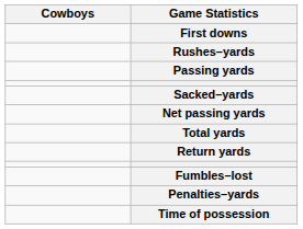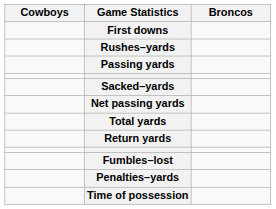 <table class="wikitable" style="margin: 1em auto 1em auto">
 <tr>
 <th style="width:30%;">Cowboys</th>
 <th style="width:40%;">Game Statistics</th>
+<th style="width:30%;">Broncos</th>
 </tr>
 <tr>
 <td style="text-align:right;"></td>
 <th>First downs</th>
+<td></td>
 </tr>
 <tr>
 <td style="text-align:right;"></td>
 <th>Rushes–yards</th>
+<td></td>
 </tr>
 <tr>
 <td style="text-align:right;"></td>
 <th>Passing yards</th>
+<td></td>
 </tr>
 <tr>
 <td style="text-align:right;"></td>
 <th></th>
+<td></td>
 </tr>
 <tr>
 <td style="text-align:right;"></td>
 <th>Sacked–yards</th>
+<td></td>
 </tr>
 <tr>
 <td style="text-align:right;"></td>
 <th>Net passing yards</th>
+<td></td>
 </tr>
 <tr>
 <td style="text-align:right;"></td>
 <th>Total yards</th>
+<td></td>
 </tr>
 <tr>
 <td style="text-align:right;"></td>
 <th>Return yards</th>
+<td></td>
 </tr>
 <tr>
 <td style="text-align:right;"></td>
 <th></th>
+<td></td>
 </tr>
 <tr>
 <td style="text-align:right;"></td>
 <th>Fumbles–lost</th>
+<td></td>
 </tr>
 <tr>
 <td style="text-align:right;"></td>
 <th>Penalties–yards</th>
+<td></td>
 </tr>
 <tr>
 <td style="text-align:right;"></td>
 <th>Time of possession</th>
+<td></td>
 </tr>
 </table>
